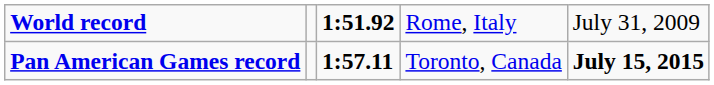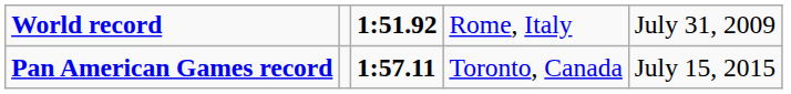 <table class="wikitable">
 <tr>
 <td><strong><a href='#'>World record</a></strong></td>
 <td></td>
 <td><strong>1:51.92</strong></td>
 <td><a href='#'>Rome</a>, <a href='#'>Italy</a></td>
 <td>July 31, 2009</td>
 </tr>
 <tr>
 <td><strong><a href='#'>Pan American Games record</a></strong></td>
 <td></td>
 <td><strong>1:57.11</strong></td>
 <td><a href='#'>Toronto</a>, <a href='#'>Canada</a></td>
-<td><strong>July 15, 2015</strong></td>
+<td>July 15, 2015</td>
 </tr>
 </table>
